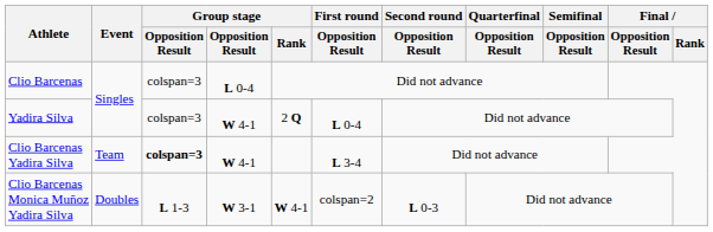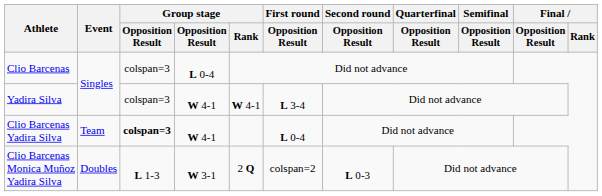 <table class=wikitable style=font-size:90%;text-align:center>
 <tr>
 <th rowspan=2>Athlete</th>
 <th rowspan=2>Event</th>
 <th colspan=3>Group stage</th>
 <th>First round</th>
 <th>Second round</th>
 <th>Quarterfinal</th>
 <th>Semifinal</th>
 <th colspan=2>Final / </th>
 </tr>
 <tr style=font-size:95%>
 <th>Opposition<br>Result</th>
 <th>Opposition<br>Result</th>
 <th>Rank</th>
 <th>Opposition<br>Result</th>
 <th>Opposition<br>Result</th>
 <th>Opposition<br>Result</th>
 <th>Opposition<br>Result</th>
 <th>Opposition<br>Result</th>
 <th>Rank</th>
 </tr>
 <tr>
 <td align=left><a href='#'>Clio Barcenas</a></td>
 <td rowspan="2" align="left"><a href='#'>Singles</a></td>
 <td>colspan=3 </td>
 <td><br><strong>L</strong> 0-4</td>
 <td colspan=5>Did not advance</td>
 </tr>
 <tr>
 <td align=left><a href='#'>Yadira Silva</a></td>
 <td>colspan=3 </td>
 <td><br><strong>W</strong> 4-1</td>
-<td>2 <strong>Q</strong></td>
-<td><br><strong>L</strong> 0-4</td>
+<td><br><strong>W</strong> 4-1</td>
+<td><br><strong>L</strong> 3-4</td>
 <td colspan=4>Did not advance</td>
 </tr>
 <tr>
 <td align=left><a href='#'>Clio Barcenas</a><br><a href='#'>Yadira Silva</a></td>
 <td align=left><a href='#'>Team</a></td>
 <td><strong>colspan=3 </strong></td>
 <td><br><strong>W</strong> 4-1</td>
 <td></td>
-<td><br><strong>L</strong> 3-4</td>
+<td><br><strong>L</strong> 0-4</td>
 <td colspan=3>Did not advance</td>
 </tr>
 <tr>
 <td align=left><a href='#'>Clio Barcenas</a><br><a href='#'>Monica Muñoz</a><br><a href='#'>Yadira Silva</a></td>
 <td align=left><a href='#'>Doubles</a></td>
 <td><br><strong>L</strong> 1-3</td>
 <td><br><strong>W</strong> 3-1</td>
-<td><br><strong>W</strong> 4-1</td>
+<td>2 <strong>Q</strong></td>
 <td>colspan=2 </td>
 <td><br><strong>L</strong> 0-3</td>
 <td colspan=3>Did not advance</td>
 </tr>
 </table>
